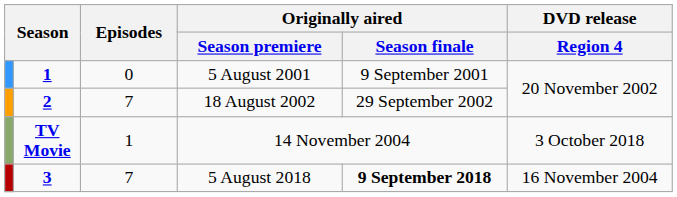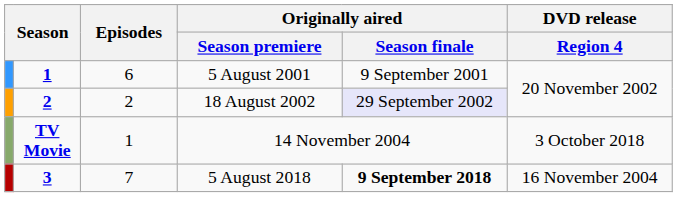 <table class="wikitable">
 <tr>
 <th colspan="2" rowspan="2" width=3%>Season</th>
 <th rowspan="2" width=5%>Episodes</th>
 <th colspan="2">Originally aired</th>
 <th colspan="1">DVD release</th>
 </tr>
 <tr>
 <th width=15%><a href='#'>Season premiere</a></th>
 <th width=15%><a href='#'>Season finale</a></th>
 <th width=15%><a href='#'>Region 4</a></th>
 </tr>
 <tr>
 <td bgcolor="3198FF" height="10px"></td>
 <td align="center"><a href='#'><strong>1</strong></a></td>
-<td align="center">0</td>
+<td align="center">6</td>
 <td align="center">5 August 2001</td>
 <td align="center">9 September 2001</td>
 <td align="center" rowspan="2">20 November 2002</td>
 </tr>
 <tr>
 <td bgcolor="FFA000" height="10px"></td>
 <td align="center"><a href='#'><strong>2</strong></a></td>
-<td align="center">7</td>
+<td align="center">2</td>
 <td align="center">18 August 2002</td>
-<td align="center">29 September 2002</td>
+<td align="center" style="background: lavender;">29 September 2002</td>
 </tr>
 <tr>
 <td bgcolor="87A96B" height="10px"></td>
 <td align="center"><a href='#'><strong>TV Movie</strong></a></td>
 <td align="center">1</td>
 <td colspan="2" align="center">14 November 2004</td>
 <td align="center">3 October 2018</td>
 </tr>
 <tr>
 <td bgcolor="B60000" height="10px"></td>
 <td align="center"><a href='#'><strong>3</strong></a></td>
 <td align="center">7</td>
 <td align="center">5 August 2018</td>
 <td align="center"><strong>9 September 2018</strong></td>
 <td align="center">16 November 2004</td>
 </tr>
 </table>
